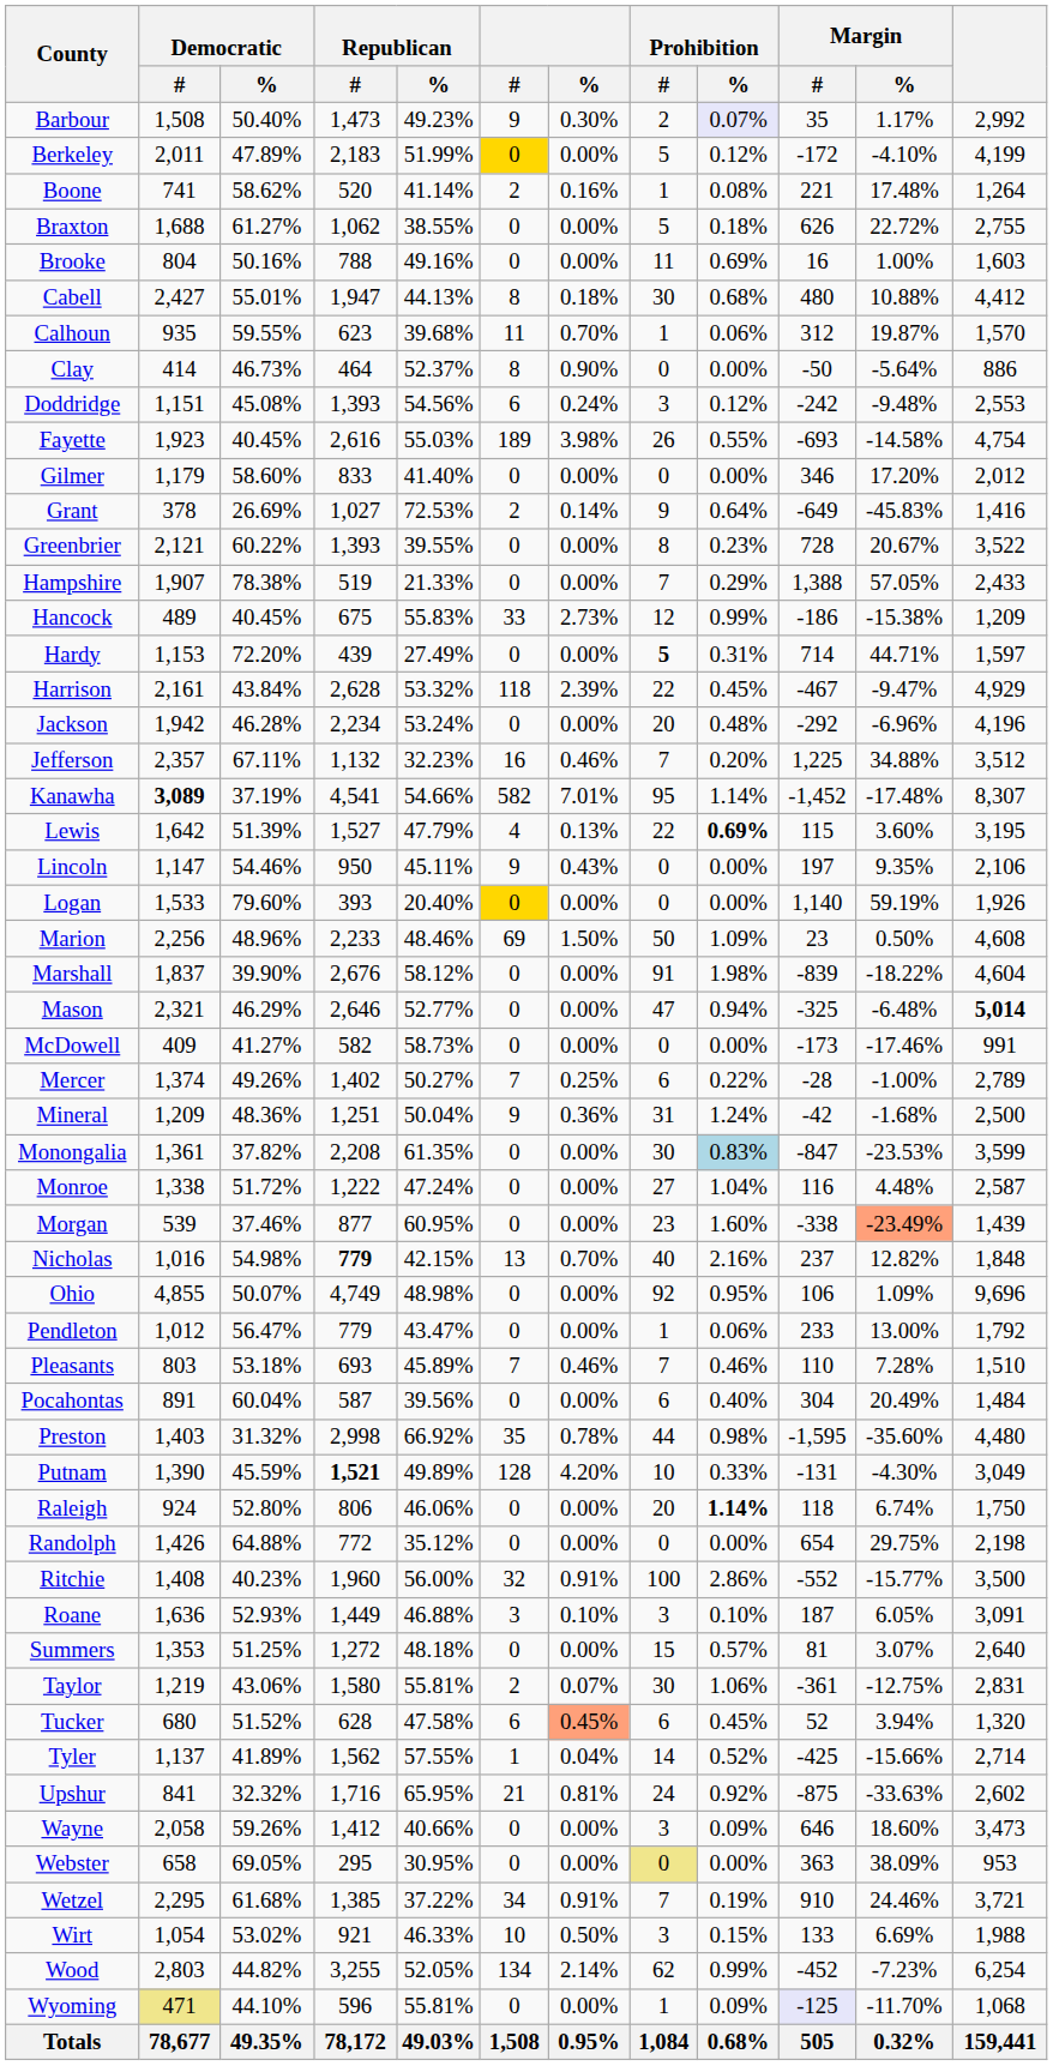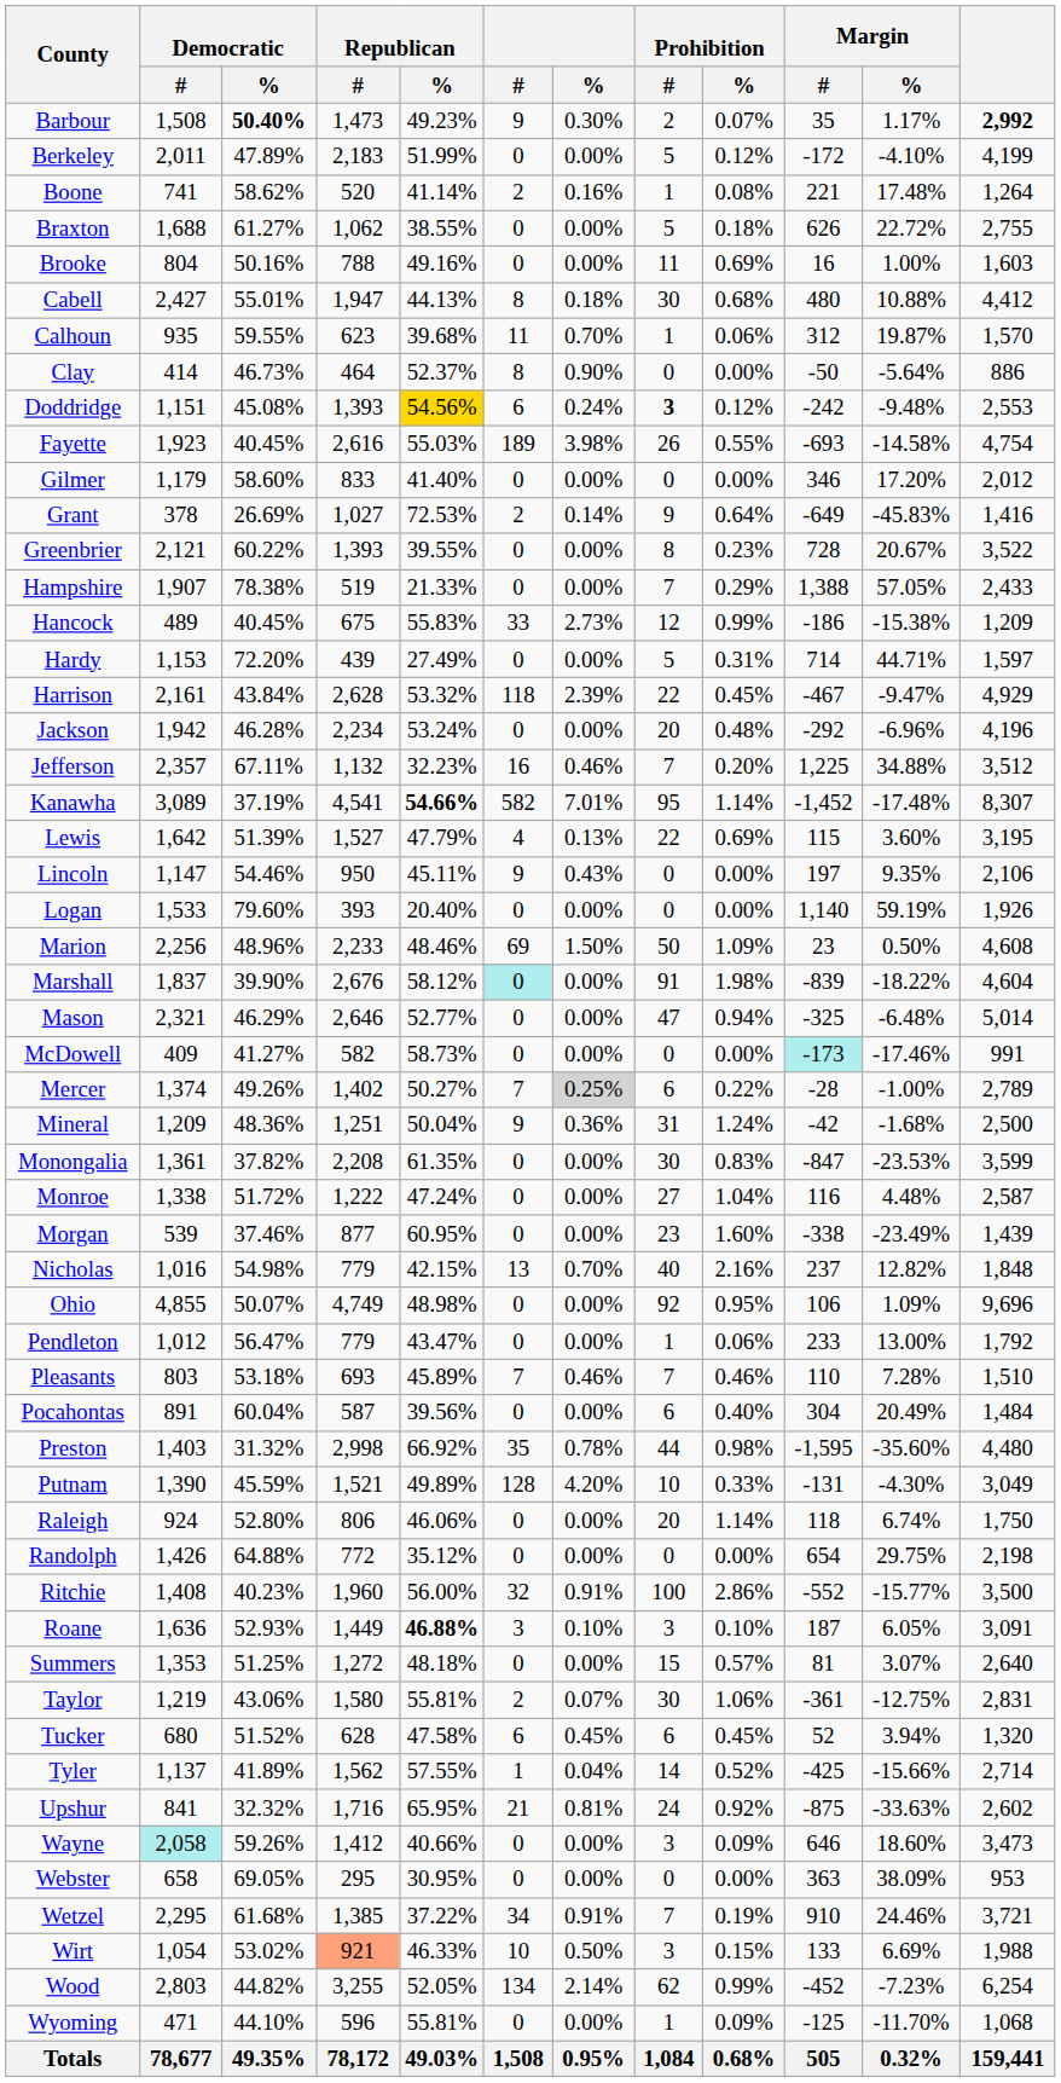 <table class="wikitable sortable mw-collapsible mw-collapsed">
 <tr>
 <th rowspan="2">County</th>
 <th colspan="2"><br>Democratic</th>
 <th colspan="2"><br>Republican</th>
 <th colspan="2"><br></th>
 <th colspan="2"><br>Prohibition</th>
 <th colspan="2">Margin</th>
 <th rowspan="2" data-sort-type="number"></th>
 </tr>
 <tr>
 <th data-sort-type="number">#</th>
 <th data-sort-type="number">%</th>
 <th data-sort-type="number" width="8%">#</th>
 <th data-sort-type="number" width="8%">%</th>
 <th data-sort-type="number">#</th>
 <th data-sort-type="number">%</th>
 <th data-sort-type="number">#</th>
 <th data-sort-type="number">%</th>
 <th data-sort-type="number">#</th>
 <th data-sort-type="number">%</th>
 </tr>
 <tr style="text-align:center;">
 <td><a href='#'>Barbour</a></td>
 <td>1,508</td>
-<td>50.40%</td>
+<td><strong>50.40%</strong></td>
 <td>1,473</td>
 <td>49.23%</td>
 <td>9</td>
 <td>0.30%</td>
 <td>2</td>
-<td style="background: lavender;">0.07%</td>
+<td>0.07%</td>
 <td>35</td>
 <td>1.17%</td>
-<td>2,992</td>
+<td><strong>2,992</strong></td>
 </tr>
 <tr style="text-align:center;">
 <td><a href='#'>Berkeley</a></td>
 <td>2,011</td>
 <td>47.89%</td>
 <td>2,183</td>
 <td>51.99%</td>
-<td style="background: gold;">0</td>
+<td>0</td>
 <td>0.00%</td>
 <td>5</td>
 <td>0.12%</td>
 <td>-172</td>
 <td>-4.10%</td>
 <td>4,199</td>
 </tr>
 <tr style="text-align:center;">
 <td><a href='#'>Boone</a></td>
 <td>741</td>
 <td>58.62%</td>
 <td>520</td>
 <td>41.14%</td>
 <td>2</td>
 <td>0.16%</td>
 <td>1</td>
 <td>0.08%</td>
 <td>221</td>
 <td>17.48%</td>
 <td>1,264</td>
 </tr>
 <tr style="text-align:center;">
 <td><a href='#'>Braxton</a></td>
 <td>1,688</td>
 <td>61.27%</td>
 <td>1,062</td>
 <td>38.55%</td>
 <td>0</td>
 <td>0.00%</td>
 <td>5</td>
 <td>0.18%</td>
 <td>626</td>
 <td>22.72%</td>
 <td>2,755</td>
 </tr>
 <tr style="text-align:center;">
 <td><a href='#'>Brooke</a></td>
 <td>804</td>
 <td>50.16%</td>
 <td>788</td>
 <td>49.16%</td>
 <td>0</td>
 <td>0.00%</td>
 <td>11</td>
 <td>0.69%</td>
 <td>16</td>
 <td>1.00%</td>
 <td>1,603</td>
 </tr>
 <tr style="text-align:center;">
 <td><a href='#'>Cabell</a></td>
 <td>2,427</td>
 <td>55.01%</td>
 <td>1,947</td>
 <td>44.13%</td>
 <td>8</td>
 <td>0.18%</td>
 <td>30</td>
 <td>0.68%</td>
 <td>480</td>
 <td>10.88%</td>
 <td>4,412</td>
 </tr>
 <tr style="text-align:center;">
 <td><a href='#'>Calhoun</a></td>
 <td>935</td>
 <td>59.55%</td>
 <td>623</td>
 <td>39.68%</td>
 <td>11</td>
 <td>0.70%</td>
 <td>1</td>
 <td>0.06%</td>
 <td>312</td>
 <td>19.87%</td>
 <td>1,570</td>
 </tr>
 <tr style="text-align:center;">
 <td><a href='#'>Clay</a></td>
 <td>414</td>
 <td>46.73%</td>
 <td>464</td>
 <td>52.37%</td>
 <td>8</td>
 <td>0.90%</td>
 <td>0</td>
 <td>0.00%</td>
 <td>-50</td>
 <td>-5.64%</td>
 <td>886</td>
 </tr>
 <tr style="text-align:center;">
 <td><a href='#'>Doddridge</a></td>
 <td>1,151</td>
 <td>45.08%</td>
 <td>1,393</td>
-<td>54.56%</td>
+<td style="background: gold;">54.56%</td>
 <td>6</td>
 <td>0.24%</td>
-<td>3</td>
+<td><strong>3</strong></td>
 <td>0.12%</td>
 <td>-242</td>
 <td>-9.48%</td>
 <td>2,553</td>
 </tr>
 <tr style="text-align:center;">
 <td><a href='#'>Fayette</a></td>
 <td>1,923</td>
 <td>40.45%</td>
 <td>2,616</td>
 <td>55.03%</td>
 <td>189</td>
 <td>3.98%</td>
 <td>26</td>
 <td>0.55%</td>
 <td>-693</td>
 <td>-14.58%</td>
 <td>4,754</td>
 </tr>
 <tr style="text-align:center;">
 <td><a href='#'>Gilmer</a></td>
 <td>1,179</td>
 <td>58.60%</td>
 <td>833</td>
 <td>41.40%</td>
 <td>0</td>
 <td>0.00%</td>
 <td>0</td>
 <td>0.00%</td>
 <td>346</td>
 <td>17.20%</td>
 <td>2,012</td>
 </tr>
 <tr style="text-align:center;">
 <td><a href='#'>Grant</a></td>
 <td>378</td>
 <td>26.69%</td>
 <td>1,027</td>
 <td>72.53%</td>
 <td>2</td>
 <td>0.14%</td>
 <td>9</td>
 <td>0.64%</td>
 <td>-649</td>
 <td>-45.83%</td>
 <td>1,416</td>
 </tr>
 <tr style="text-align:center;">
 <td><a href='#'>Greenbrier</a></td>
 <td>2,121</td>
 <td>60.22%</td>
 <td>1,393</td>
 <td>39.55%</td>
 <td>0</td>
 <td>0.00%</td>
 <td>8</td>
 <td>0.23%</td>
 <td>728</td>
 <td>20.67%</td>
 <td>3,522</td>
 </tr>
 <tr style="text-align:center;">
 <td><a href='#'>Hampshire</a></td>
 <td>1,907</td>
 <td>78.38%</td>
 <td>519</td>
 <td>21.33%</td>
 <td>0</td>
 <td>0.00%</td>
 <td>7</td>
 <td>0.29%</td>
 <td>1,388</td>
 <td>57.05%</td>
 <td>2,433</td>
 </tr>
 <tr style="text-align:center;">
 <td><a href='#'>Hancock</a></td>
 <td>489</td>
 <td>40.45%</td>
 <td>675</td>
 <td>55.83%</td>
 <td>33</td>
 <td>2.73%</td>
 <td>12</td>
 <td>0.99%</td>
 <td>-186</td>
 <td>-15.38%</td>
 <td>1,209</td>
 </tr>
 <tr style="text-align:center;">
 <td><a href='#'>Hardy</a></td>
 <td>1,153</td>
 <td>72.20%</td>
 <td>439</td>
 <td>27.49%</td>
 <td>0</td>
 <td>0.00%</td>
-<td><strong>5</strong></td>
+<td>5</td>
 <td>0.31%</td>
 <td>714</td>
 <td>44.71%</td>
 <td>1,597</td>
 </tr>
 <tr style="text-align:center;">
 <td><a href='#'>Harrison</a></td>
 <td>2,161</td>
 <td>43.84%</td>
 <td>2,628</td>
 <td>53.32%</td>
 <td>118</td>
 <td>2.39%</td>
 <td>22</td>
 <td>0.45%</td>
 <td>-467</td>
 <td>-9.47%</td>
 <td>4,929</td>
 </tr>
 <tr style="text-align:center;">
 <td><a href='#'>Jackson</a></td>
 <td>1,942</td>
 <td>46.28%</td>
 <td>2,234</td>
 <td>53.24%</td>
 <td>0</td>
 <td>0.00%</td>
 <td>20</td>
 <td>0.48%</td>
 <td>-292</td>
 <td>-6.96%</td>
 <td>4,196</td>
 </tr>
 <tr style="text-align:center;">
 <td><a href='#'>Jefferson</a></td>
 <td>2,357</td>
 <td>67.11%</td>
 <td>1,132</td>
 <td>32.23%</td>
 <td>16</td>
 <td>0.46%</td>
 <td>7</td>
 <td>0.20%</td>
 <td>1,225</td>
 <td>34.88%</td>
 <td>3,512</td>
 </tr>
 <tr style="text-align:center;">
 <td><a href='#'>Kanawha</a></td>
-<td><strong>3,089</strong></td>
+<td>3,089</td>
 <td>37.19%</td>
 <td>4,541</td>
-<td>54.66%</td>
+<td><strong>54.66%</strong></td>
 <td>582</td>
 <td>7.01%</td>
 <td>95</td>
 <td>1.14%</td>
 <td>-1,452</td>
 <td>-17.48%</td>
 <td>8,307</td>
 </tr>
 <tr style="text-align:center;">
 <td><a href='#'>Lewis</a></td>
 <td>1,642</td>
 <td>51.39%</td>
 <td>1,527</td>
 <td>47.79%</td>
 <td>4</td>
 <td>0.13%</td>
 <td>22</td>
-<td><strong>0.69%</strong></td>
+<td>0.69%</td>
 <td>115</td>
 <td>3.60%</td>
 <td>3,195</td>
 </tr>
 <tr style="text-align:center;">
 <td><a href='#'>Lincoln</a></td>
 <td>1,147</td>
 <td>54.46%</td>
 <td>950</td>
 <td>45.11%</td>
 <td>9</td>
 <td>0.43%</td>
 <td>0</td>
 <td>0.00%</td>
 <td>197</td>
 <td>9.35%</td>
 <td>2,106</td>
 </tr>
 <tr style="text-align:center;">
 <td><a href='#'>Logan</a></td>
 <td>1,533</td>
 <td>79.60%</td>
 <td>393</td>
 <td>20.40%</td>
-<td style="background: gold;">0</td>
+<td>0</td>
 <td>0.00%</td>
 <td>0</td>
 <td>0.00%</td>
 <td>1,140</td>
 <td>59.19%</td>
 <td>1,926</td>
 </tr>
 <tr style="text-align:center;">
 <td><a href='#'>Marion</a></td>
 <td>2,256</td>
 <td>48.96%</td>
 <td>2,233</td>
 <td>48.46%</td>
 <td>69</td>
 <td>1.50%</td>
 <td>50</td>
 <td>1.09%</td>
 <td>23</td>
 <td>0.50%</td>
 <td>4,608</td>
 </tr>
 <tr style="text-align:center;">
 <td><a href='#'>Marshall</a></td>
 <td>1,837</td>
 <td>39.90%</td>
 <td>2,676</td>
 <td>58.12%</td>
-<td>0</td>
+<td style="background: paleturquoise;">0</td>
 <td>0.00%</td>
 <td>91</td>
 <td>1.98%</td>
 <td>-839</td>
 <td>-18.22%</td>
 <td>4,604</td>
 </tr>
 <tr style="text-align:center;">
 <td><a href='#'>Mason</a></td>
 <td>2,321</td>
 <td>46.29%</td>
 <td>2,646</td>
 <td>52.77%</td>
 <td>0</td>
 <td>0.00%</td>
 <td>47</td>
 <td>0.94%</td>
 <td>-325</td>
 <td>-6.48%</td>
-<td><strong>5,014</strong></td>
+<td>5,014</td>
 </tr>
 <tr style="text-align:center;">
 <td><a href='#'>McDowell</a></td>
 <td>409</td>
 <td>41.27%</td>
 <td>582</td>
 <td>58.73%</td>
 <td>0</td>
 <td>0.00%</td>
 <td>0</td>
 <td>0.00%</td>
-<td>-173</td>
+<td style="background: paleturquoise;">-173</td>
 <td>-17.46%</td>
 <td>991</td>
 </tr>
 <tr style="text-align:center;">
 <td><a href='#'>Mercer</a></td>
 <td>1,374</td>
 <td>49.26%</td>
 <td>1,402</td>
 <td>50.27%</td>
 <td>7</td>
-<td>0.25%</td>
+<td style="background: lightgrey;">0.25%</td>
 <td>6</td>
 <td>0.22%</td>
 <td>-28</td>
 <td>-1.00%</td>
 <td>2,789</td>
 </tr>
 <tr style="text-align:center;">
 <td><a href='#'>Mineral</a></td>
 <td>1,209</td>
 <td>48.36%</td>
 <td>1,251</td>
 <td>50.04%</td>
 <td>9</td>
 <td>0.36%</td>
 <td>31</td>
 <td>1.24%</td>
 <td>-42</td>
 <td>-1.68%</td>
 <td>2,500</td>
 </tr>
 <tr style="text-align:center;">
 <td><a href='#'>Monongalia</a></td>
 <td>1,361</td>
 <td>37.82%</td>
 <td>2,208</td>
 <td>61.35%</td>
 <td>0</td>
 <td>0.00%</td>
 <td>30</td>
-<td style="background: lightblue;">0.83%</td>
+<td>0.83%</td>
 <td>-847</td>
 <td>-23.53%</td>
 <td>3,599</td>
 </tr>
 <tr style="text-align:center;">
 <td><a href='#'>Monroe</a></td>
 <td>1,338</td>
 <td>51.72%</td>
 <td>1,222</td>
 <td>47.24%</td>
 <td>0</td>
 <td>0.00%</td>
 <td>27</td>
 <td>1.04%</td>
 <td>116</td>
 <td>4.48%</td>
 <td>2,587</td>
 </tr>
 <tr style="text-align:center;">
 <td><a href='#'>Morgan</a></td>
 <td>539</td>
 <td>37.46%</td>
 <td>877</td>
 <td>60.95%</td>
 <td>0</td>
 <td>0.00%</td>
 <td>23</td>
 <td>1.60%</td>
 <td>-338</td>
-<td style="background: lightsalmon;">-23.49%</td>
+<td>-23.49%</td>
 <td>1,439</td>
 </tr>
 <tr style="text-align:center;">
 <td><a href='#'>Nicholas</a></td>
 <td>1,016</td>
 <td>54.98%</td>
-<td><strong>779</strong></td>
+<td>779</td>
 <td>42.15%</td>
 <td>13</td>
 <td>0.70%</td>
 <td>40</td>
 <td>2.16%</td>
 <td>237</td>
 <td>12.82%</td>
 <td>1,848</td>
 </tr>
 <tr style="text-align:center;">
 <td><a href='#'>Ohio</a></td>
 <td>4,855</td>
 <td>50.07%</td>
 <td>4,749</td>
 <td>48.98%</td>
 <td>0</td>
 <td>0.00%</td>
 <td>92</td>
 <td>0.95%</td>
 <td>106</td>
 <td>1.09%</td>
 <td>9,696</td>
 </tr>
 <tr style="text-align:center;">
 <td><a href='#'>Pendleton</a></td>
 <td>1,012</td>
 <td>56.47%</td>
 <td>779</td>
 <td>43.47%</td>
 <td>0</td>
 <td>0.00%</td>
 <td>1</td>
 <td>0.06%</td>
 <td>233</td>
 <td>13.00%</td>
 <td>1,792</td>
 </tr>
 <tr style="text-align:center;">
 <td><a href='#'>Pleasants</a></td>
 <td>803</td>
 <td>53.18%</td>
 <td>693</td>
 <td>45.89%</td>
 <td>7</td>
 <td>0.46%</td>
 <td>7</td>
 <td>0.46%</td>
 <td>110</td>
 <td>7.28%</td>
 <td>1,510</td>
 </tr>
 <tr style="text-align:center;">
 <td><a href='#'>Pocahontas</a></td>
 <td>891</td>
 <td>60.04%</td>
 <td>587</td>
 <td>39.56%</td>
 <td>0</td>
 <td>0.00%</td>
 <td>6</td>
 <td>0.40%</td>
 <td>304</td>
 <td>20.49%</td>
 <td>1,484</td>
 </tr>
 <tr style="text-align:center;">
 <td><a href='#'>Preston</a></td>
 <td>1,403</td>
 <td>31.32%</td>
 <td>2,998</td>
 <td>66.92%</td>
 <td>35</td>
 <td>0.78%</td>
 <td>44</td>
 <td>0.98%</td>
 <td>-1,595</td>
 <td>-35.60%</td>
 <td>4,480</td>
 </tr>
 <tr style="text-align:center;">
 <td><a href='#'>Putnam</a></td>
 <td>1,390</td>
 <td>45.59%</td>
-<td><strong>1,521</strong></td>
+<td>1,521</td>
 <td>49.89%</td>
 <td>128</td>
 <td>4.20%</td>
 <td>10</td>
 <td>0.33%</td>
 <td>-131</td>
 <td>-4.30%</td>
 <td>3,049</td>
 </tr>
 <tr style="text-align:center;">
 <td><a href='#'>Raleigh</a></td>
 <td>924</td>
 <td>52.80%</td>
 <td>806</td>
 <td>46.06%</td>
 <td>0</td>
 <td>0.00%</td>
 <td>20</td>
-<td><strong>1.14%</strong></td>
+<td>1.14%</td>
 <td>118</td>
 <td>6.74%</td>
 <td>1,750</td>
 </tr>
 <tr style="text-align:center;">
 <td><a href='#'>Randolph</a></td>
 <td>1,426</td>
 <td>64.88%</td>
 <td>772</td>
 <td>35.12%</td>
 <td>0</td>
 <td>0.00%</td>
 <td>0</td>
 <td>0.00%</td>
 <td>654</td>
 <td>29.75%</td>
 <td>2,198</td>
 </tr>
 <tr style="text-align:center;">
 <td><a href='#'>Ritchie</a></td>
 <td>1,408</td>
 <td>40.23%</td>
 <td>1,960</td>
 <td>56.00%</td>
 <td>32</td>
 <td>0.91%</td>
 <td>100</td>
 <td>2.86%</td>
 <td>-552</td>
 <td>-15.77%</td>
 <td>3,500</td>
 </tr>
 <tr style="text-align:center;">
 <td><a href='#'>Roane</a></td>
 <td>1,636</td>
 <td>52.93%</td>
 <td>1,449</td>
-<td>46.88%</td>
+<td><strong>46.88%</strong></td>
 <td>3</td>
 <td>0.10%</td>
 <td>3</td>
 <td>0.10%</td>
 <td>187</td>
 <td>6.05%</td>
 <td>3,091</td>
 </tr>
 <tr style="text-align:center;">
 <td><a href='#'>Summers</a></td>
 <td>1,353</td>
 <td>51.25%</td>
 <td>1,272</td>
 <td>48.18%</td>
 <td>0</td>
 <td>0.00%</td>
 <td>15</td>
 <td>0.57%</td>
 <td>81</td>
 <td>3.07%</td>
 <td>2,640</td>
 </tr>
 <tr style="text-align:center;">
 <td><a href='#'>Taylor</a></td>
 <td>1,219</td>
 <td>43.06%</td>
 <td>1,580</td>
 <td>55.81%</td>
 <td>2</td>
 <td>0.07%</td>
 <td>30</td>
 <td>1.06%</td>
 <td>-361</td>
 <td>-12.75%</td>
 <td>2,831</td>
 </tr>
 <tr style="text-align:center;">
 <td><a href='#'>Tucker</a></td>
 <td>680</td>
 <td>51.52%</td>
 <td>628</td>
 <td>47.58%</td>
 <td>6</td>
-<td style="background: lightsalmon;">0.45%</td>
+<td>0.45%</td>
 <td>6</td>
 <td>0.45%</td>
 <td>52</td>
 <td>3.94%</td>
 <td>1,320</td>
 </tr>
 <tr style="text-align:center;">
 <td><a href='#'>Tyler</a></td>
 <td>1,137</td>
 <td>41.89%</td>
 <td>1,562</td>
 <td>57.55%</td>
 <td>1</td>
 <td>0.04%</td>
 <td>14</td>
 <td>0.52%</td>
 <td>-425</td>
 <td>-15.66%</td>
 <td>2,714</td>
 </tr>
 <tr style="text-align:center;">
 <td><a href='#'>Upshur</a></td>
 <td>841</td>
 <td>32.32%</td>
 <td>1,716</td>
 <td>65.95%</td>
 <td>21</td>
 <td>0.81%</td>
 <td>24</td>
 <td>0.92%</td>
 <td>-875</td>
 <td>-33.63%</td>
 <td>2,602</td>
 </tr>
 <tr style="text-align:center;">
 <td><a href='#'>Wayne</a></td>
-<td>2,058</td>
+<td style="background: paleturquoise;">2,058</td>
 <td>59.26%</td>
 <td>1,412</td>
 <td>40.66%</td>
 <td>0</td>
 <td>0.00%</td>
 <td>3</td>
 <td>0.09%</td>
 <td>646</td>
 <td>18.60%</td>
 <td>3,473</td>
 </tr>
 <tr style="text-align:center;">
 <td><a href='#'>Webster</a></td>
 <td>658</td>
 <td>69.05%</td>
 <td>295</td>
 <td>30.95%</td>
 <td>0</td>
 <td>0.00%</td>
-<td style="background: khaki;">0</td>
+<td>0</td>
 <td>0.00%</td>
 <td>363</td>
 <td>38.09%</td>
 <td>953</td>
 </tr>
 <tr style="text-align:center;">
 <td><a href='#'>Wetzel</a></td>
 <td>2,295</td>
 <td>61.68%</td>
 <td>1,385</td>
 <td>37.22%</td>
 <td>34</td>
 <td>0.91%</td>
 <td>7</td>
 <td>0.19%</td>
 <td>910</td>
 <td>24.46%</td>
 <td>3,721</td>
 </tr>
 <tr style="text-align:center;">
 <td><a href='#'>Wirt</a></td>
 <td>1,054</td>
 <td>53.02%</td>
-<td>921</td>
+<td style="background: lightsalmon;">921</td>
 <td>46.33%</td>
 <td>10</td>
 <td>0.50%</td>
 <td>3</td>
 <td>0.15%</td>
 <td>133</td>
 <td>6.69%</td>
 <td>1,988</td>
 </tr>
 <tr style="text-align:center;">
 <td><a href='#'>Wood</a></td>
 <td>2,803</td>
 <td>44.82%</td>
 <td>3,255</td>
 <td>52.05%</td>
 <td>134</td>
 <td>2.14%</td>
 <td>62</td>
 <td>0.99%</td>
 <td>-452</td>
 <td>-7.23%</td>
 <td>6,254</td>
 </tr>
 <tr style="text-align:center;">
 <td><a href='#'>Wyoming</a></td>
-<td style="background: khaki;">471</td>
+<td>471</td>
 <td>44.10%</td>
 <td>596</td>
 <td>55.81%</td>
 <td>0</td>
 <td>0.00%</td>
 <td>1</td>
 <td>0.09%</td>
-<td style="background: lavender;">-125</td>
+<td>-125</td>
 <td>-11.70%</td>
 <td>1,068</td>
 </tr>
 <tr>
 <th>Totals</th>
 <th>78,677</th>
 <th>49.35%</th>
 <th>78,172</th>
 <th>49.03%</th>
 <th>1,508</th>
 <th>0.95%</th>
 <th>1,084</th>
 <th>0.68%</th>
 <th>505</th>
 <th>0.32%</th>
 <th>159,441</th>
 </tr>
 </table>
